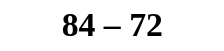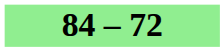 <table style="text-align:center">
 <tr>
 <th width=200></th>
 <th width=100></th>
 <th width=200></th>
 </tr>
 <tr>
 <td align=right><strong></strong></td>
-<td><strong>84 – 72</strong></td>
+<td style="background: lightgreen;"><strong>84 – 72</strong></td>
 <td align=left></td>
 </tr>
 </table>
